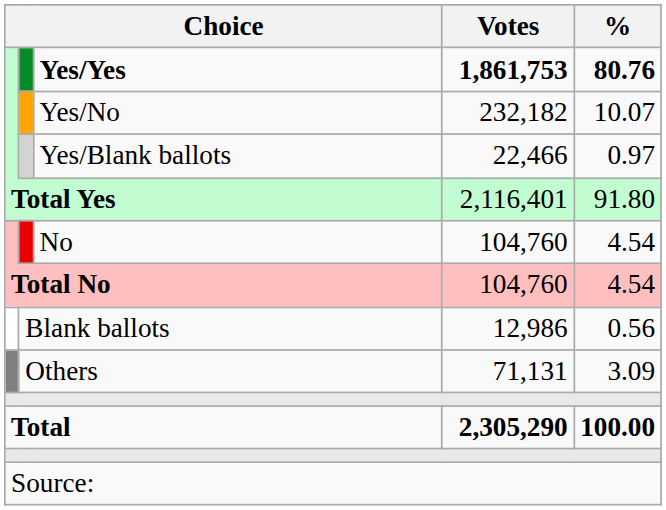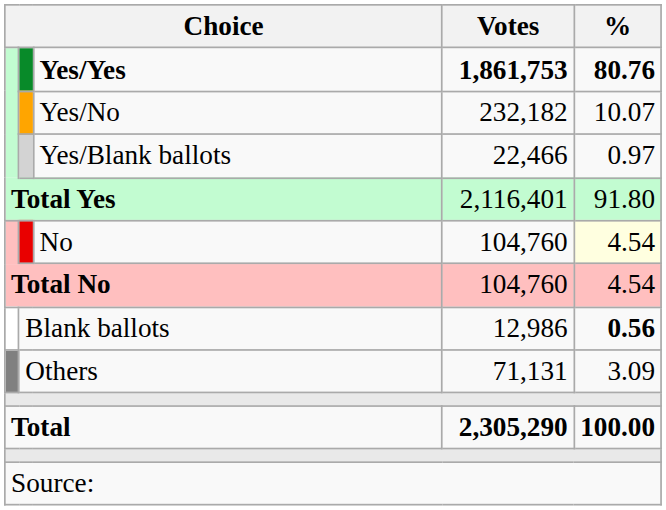 <table class="wikitable" style="text-align:right;">
 <tr>
 <th align="left" colspan="3" width="250">Choice</th>
 <th width="70">Votes</th>
 <th width="40">%</th>
 </tr>
 <tr>
 <td width="1" style="background-color:#C2FCD1;border-bottom-style:hidden" rowspan="3"></td>
 <td width="1" style="color:inherit;background:#088A29"></td>
 <td align="left"><strong>Yes/Yes</strong></td>
 <td><strong>1,861,753</strong></td>
 <td><strong>80.76</strong></td>
 </tr>
 <tr>
 <td style="color:inherit;background:#FFA500"></td>
 <td align="left">Yes/No</td>
 <td>232,182</td>
 <td>10.07</td>
 </tr>
 <tr>
 <td bgcolor="lightgray"></td>
 <td align="left">Yes/Blank ballots</td>
 <td>22,466</td>
 <td>0.97</td>
 </tr>
 <tr style="background-color:#C2FCD1">
 <td style="text-align:left;" colspan="3"><strong>Total Yes</strong></td>
 <td>2,116,401</td>
 <td>91.80</td>
 </tr>
 <tr>
 <td style="background-color:#FFBFBF;border-bottom-style:hidden"></td>
 <td style="color:inherit;background:#E90000"></td>
 <td align="left">No</td>
 <td>104,760</td>
-<td>4.54</td>
+<td style="background: lightyellow;">4.54</td>
 </tr>
 <tr style="background-color:#FFBFBF">
 <td style="text-align:left;" colspan="3"><strong>Total No</strong></td>
 <td>104,760</td>
 <td>4.54</td>
 </tr>
 <tr>
 <td bgcolor="white"></td>
 <td colspan="2" align="left">Blank ballots</td>
 <td>12,986</td>
-<td>0.56</td>
+<td><strong>0.56</strong></td>
 </tr>
 <tr>
 <td bgcolor="gray"></td>
 <td align="left" colspan="2">Others</td>
 <td>71,131</td>
 <td>3.09</td>
 </tr>
 <tr>
 <td colspan="5" bgcolor="#E9E9E9"></td>
 </tr>
 <tr style="font-weight:bold;">
 <td align="left" colspan="3">Total</td>
 <td>2,305,290</td>
 <td>100.00</td>
 </tr>
 <tr>
 <td colspan="5" bgcolor="#E9E9E9"></td>
 </tr>
 <tr>
 <td align="left" colspan="5">Source: </td>
 </tr>
 </table>
